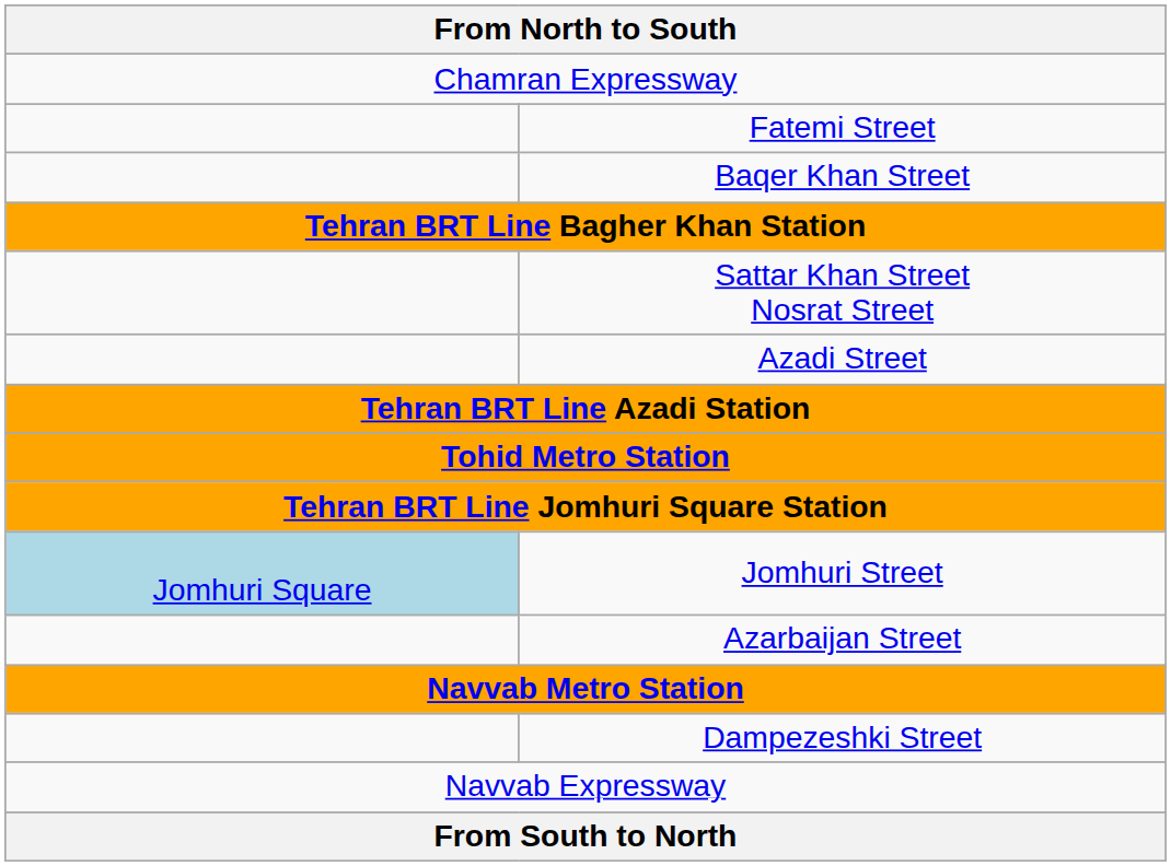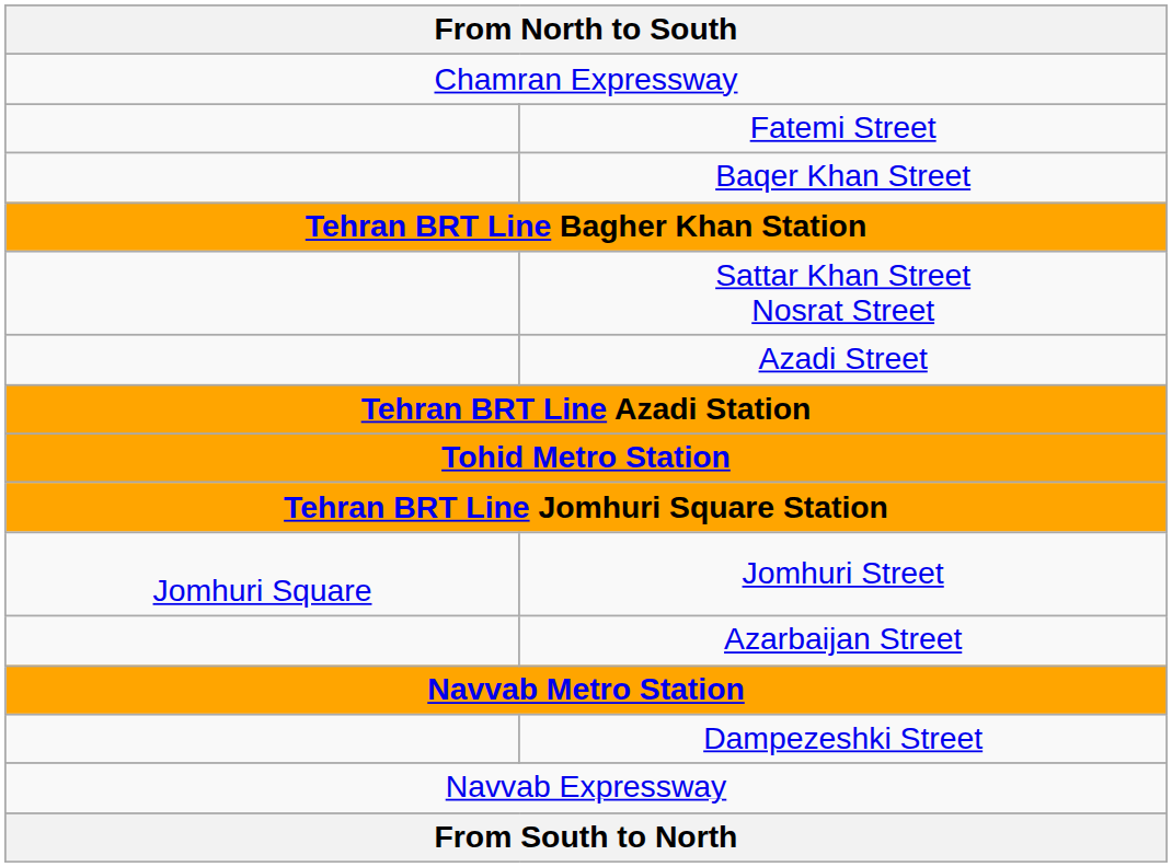 <table class="wikitable" style="text-align:center" width="600px">
 <tr>
 <th text-align="center" colspan="3"> From North to South </th>
 </tr>
 <tr>
 <td text-align="center" colspan="3"> <a href='#'>Chamran Expressway</a></td>
 </tr>
 <tr>
 <td></td>
 <td> <a href='#'>Fatemi Street</a></td>
 </tr>
 <tr>
 <td></td>
 <td> <a href='#'>Baqer Khan Street</a></td>
 </tr>
 <tr>
 <td text-align="center" colspan="3" style="background: orange; color: black;"> <strong><a href='#'>Tehran BRT Line</a> Bagher Khan Station</strong></td>
 </tr>
 <tr>
 <td></td>
 <td> <a href='#'>Sattar Khan Street</a><br> <a href='#'>Nosrat Street</a></td>
 </tr>
 <tr>
 <td></td>
 <td> <a href='#'>Azadi Street</a></td>
 </tr>
 <tr>
 <td text-align="center" colspan="3" style="background: orange; color: black;"> <strong><a href='#'>Tehran BRT Line</a> Azadi Station</strong></td>
 </tr>
 <tr>
 <td text-align="center" colspan="3" style="background: orange; color: black;"> <strong><a href='#'>Tohid Metro Station</a></strong></td>
 </tr>
 <tr>
 <td text-align="center" colspan="3" style="background: orange; color: black;"> <strong><a href='#'>Tehran BRT Line</a> Jomhuri Square Station</strong></td>
 </tr>
 <tr>
-<td style="background: lightblue;"><br><a href='#'>Jomhuri Square</a></td>
+<td><br><a href='#'>Jomhuri Square</a></td>
 <td> <a href='#'>Jomhuri Street</a></td>
 </tr>
 <tr>
 <td></td>
 <td> <a href='#'>Azarbaijan Street</a></td>
 </tr>
 <tr>
 <td text-align="center" colspan="3" style="background: orange; color: black;"> <strong><a href='#'>Navvab Metro Station</a></strong></td>
 </tr>
 <tr>
 <td></td>
 <td> <a href='#'>Dampezeshki Street</a></td>
 </tr>
 <tr>
 <td text-align="center" colspan="3"> <a href='#'>Navvab Expressway</a></td>
 </tr>
 <tr>
 <th text-align="center" colspan="3"> From South to North </th>
 </tr>
 </table>
